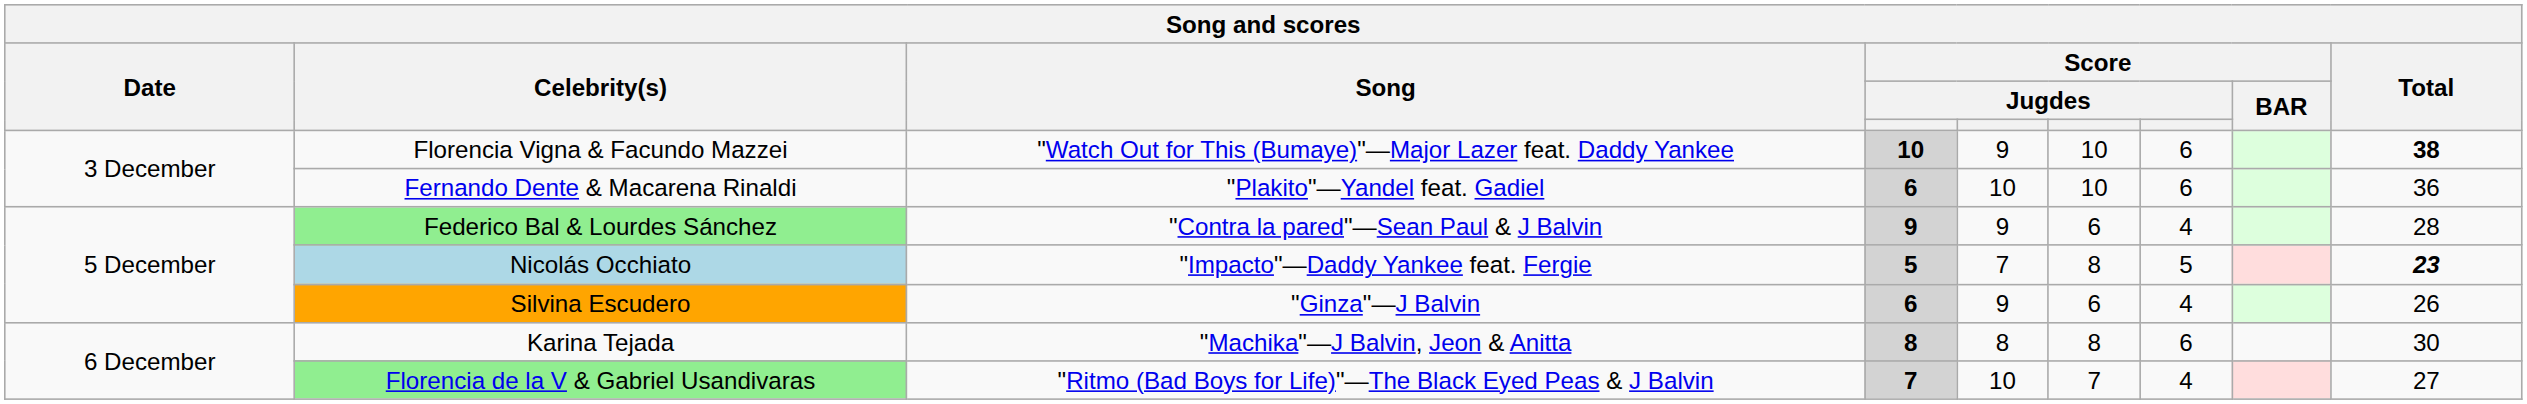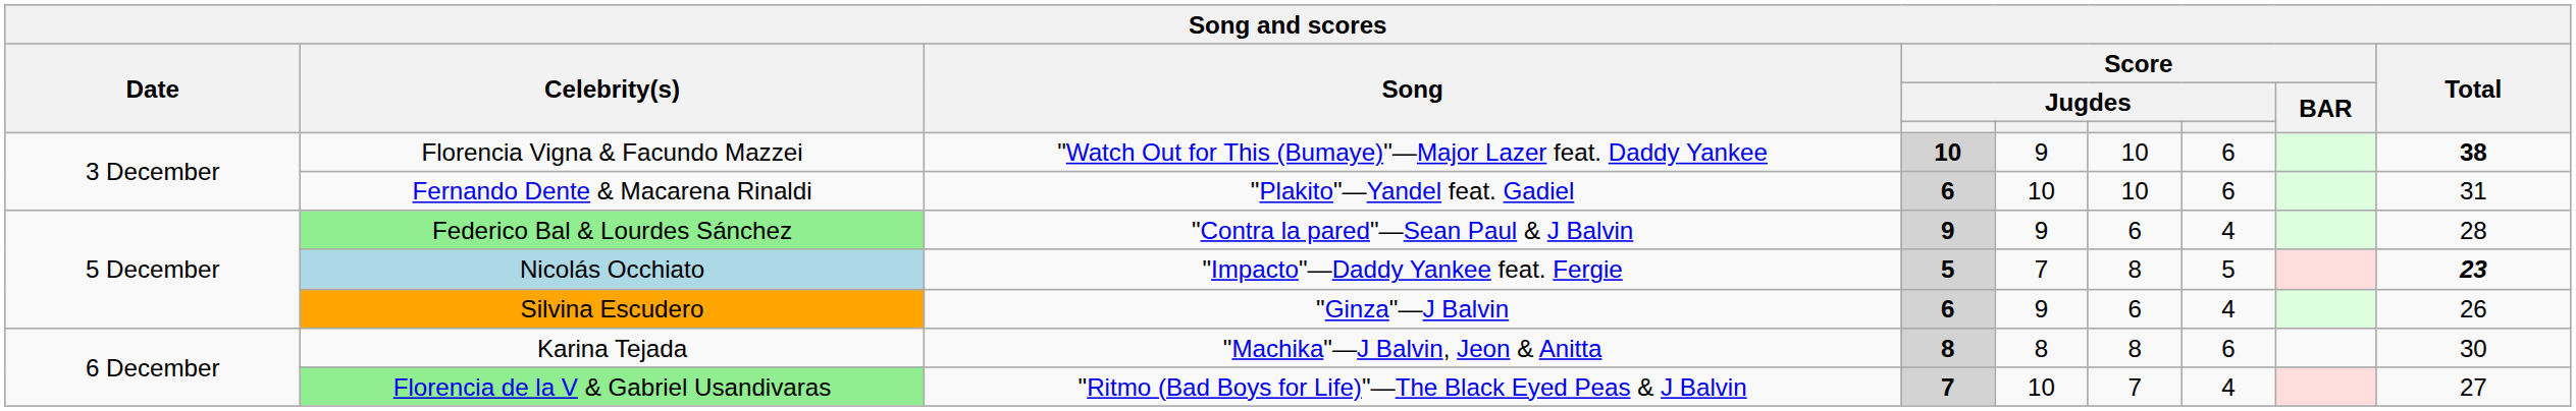 <table class="wikitable collapsible collapsed" style="font-size:95%; text-align: center; width: 100%;">
 <tr>
 <th colspan="11" style="with: 100%;" align=center>Song and scores</th>
 </tr>
 <tr>
 <th rowspan="3" width=110>Date</th>
 <th rowspan="3" width=240>Celebrity(s)</th>
 <th rowspan="3" width=380>Song</th>
 <th colspan="5">Score</th>
 <th rowspan="3" width=70>Total</th>
 </tr>
 <tr>
 <th colspan="4">Jugdes</th>
 <th rowspan="2" width=30>BAR<br></th>
 </tr>
 <tr>
 <th width=30></th>
 <th width=30></th>
 <th width=30></th>
 <th width=30></th>
 </tr>
 <tr>
 <td rowspan="2">3 December</td>
 <td bgcolor="">Florencia Vigna & Facundo Mazzei</td>
 <td>"<a href='#'>Watch Out for This (Bumaye)</a>"—<a href='#'>Major Lazer</a> feat. <a href='#'>Daddy Yankee</a></td>
 <td bgcolor="lightgrey"><strong>10</strong></td>
 <td>9</td>
 <td>10</td>
 <td>6</td>
 <td bgcolor="#ddffdd"></td>
 <td><span><strong>38</strong></span></td>
 </tr>
 <tr>
 <td bgcolor=""><a href='#'>Fernando Dente</a> & Macarena Rinaldi</td>
 <td>"<a href='#'>Plakito</a>"—<a href='#'>Yandel</a> feat. <a href='#'>Gadiel</a></td>
 <td bgcolor="lightgrey"><strong>6</strong></td>
 <td>10</td>
 <td>10</td>
 <td>6</td>
 <td bgcolor="#ddffdd"></td>
-<td>36</td>
+<td>31</td>
 </tr>
 <tr>
 <td rowspan="3">5 December</td>
 <td bgcolor="lightgreen">Federico Bal & Lourdes Sánchez</td>
 <td>"<a href='#'>Contra la pared</a>"—<a href='#'>Sean Paul</a> & <a href='#'>J Balvin</a></td>
 <td bgcolor="lightgrey"><strong>9</strong></td>
 <td>9</td>
 <td>6</td>
 <td>4</td>
 <td bgcolor="#ddffdd"></td>
 <td>28</td>
 </tr>
 <tr>
 <td bgcolor="lightblue">Nicolás Occhiato</td>
 <td>"<a href='#'>Impacto</a>"—<a href='#'>Daddy Yankee</a> feat. <a href='#'>Fergie</a></td>
 <td bgcolor="lightgrey"><strong>5</strong></td>
 <td>7</td>
 <td>8</td>
 <td>5</td>
 <td bgcolor="#ffdddd"></td>
 <td><span><strong><em>23</em></strong></span></td>
 </tr>
 <tr>
 <td bgcolor="orange">Silvina Escudero</td>
 <td>"<a href='#'>Ginza</a>"—<a href='#'>J Balvin</a></td>
 <td bgcolor="lightgrey"><strong>6</strong></td>
 <td>9</td>
 <td>6</td>
 <td>4</td>
 <td bgcolor="#ddffdd"></td>
 <td>26</td>
 </tr>
 <tr>
 <td rowspan="2">6 December</td>
 <td bgcolor="">Karina Tejada</td>
 <td>"<a href='#'>Machika</a>"—<a href='#'>J Balvin</a>, <a href='#'>Jeon</a> & <a href='#'>Anitta</a></td>
 <td bgcolor="lightgrey"><strong>8</strong></td>
 <td>8</td>
 <td>8</td>
 <td>6</td>
 <td></td>
 <td>30</td>
 </tr>
 <tr>
 <td bgcolor="lightgreen"><a href='#'>Florencia de la V</a> & Gabriel Usandivaras</td>
 <td>"<a href='#'>Ritmo (Bad Boys for Life)</a>"—<a href='#'>The Black Eyed Peas</a> & <a href='#'>J Balvin</a></td>
 <td bgcolor="lightgrey"><strong>7</strong></td>
 <td>10</td>
 <td>7</td>
 <td>4</td>
 <td bgcolor="#ffdddd"></td>
 <td>27</td>
 </tr>
 </table>
